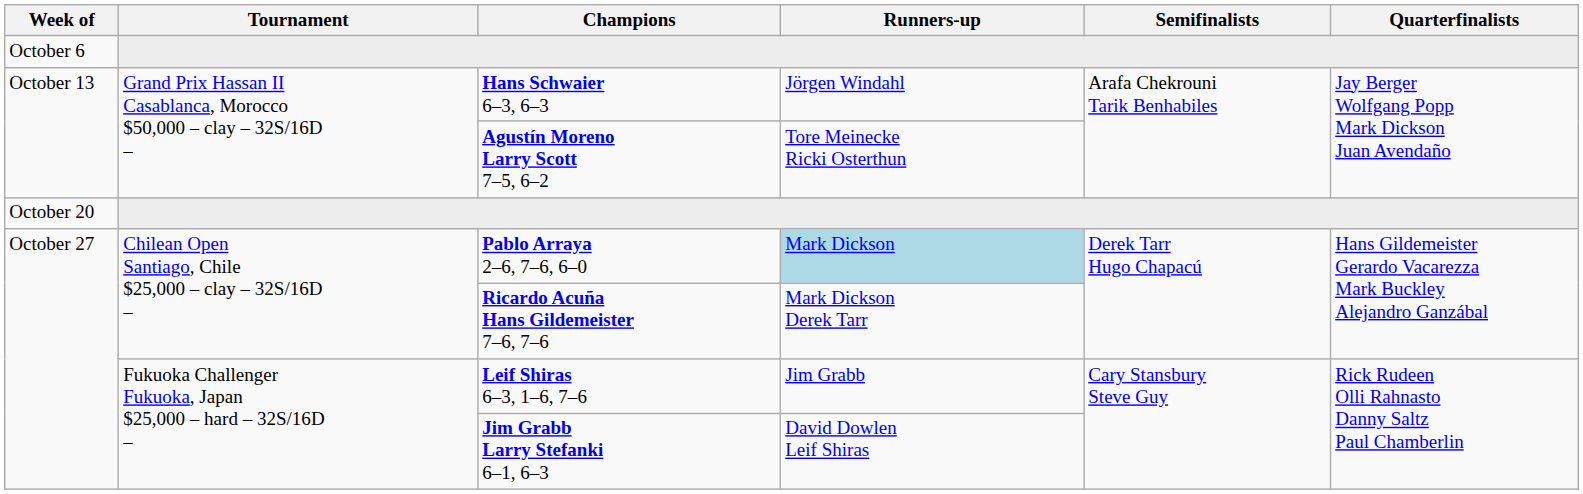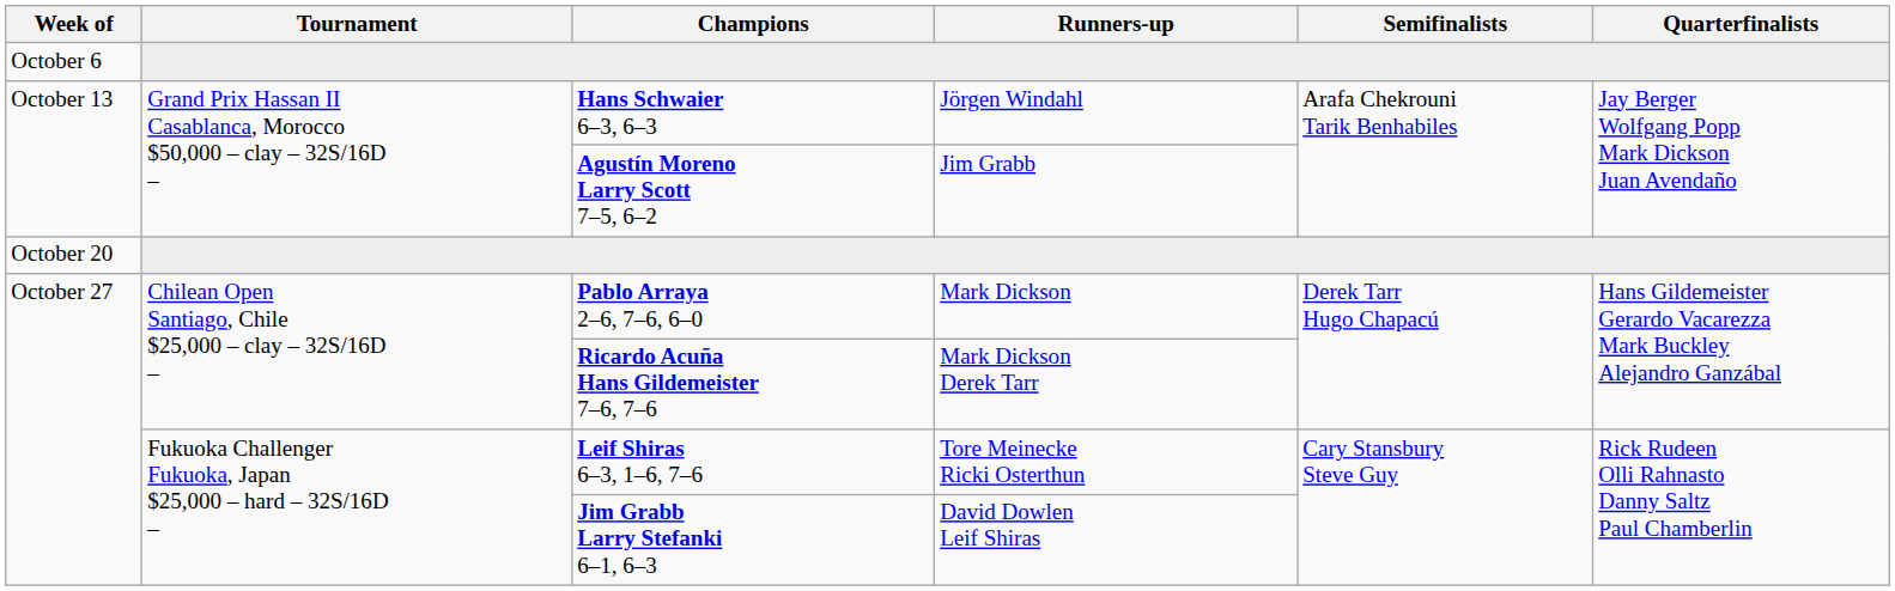 <table class="wikitable" style="font-size:85%;">
 <tr>
 <th width="75">Week of</th>
 <th width="250">Tournament</th>
 <th width="210">Champions</th>
 <th width="210">Runners-up</th>
 <th width="170">Semifinalists</th>
 <th width="170">Quarterfinalists</th>
 </tr>
 <tr valign="top">
 <td rowspan="1">October 6</td>
 <td colspan="5" bgcolor="#ededed"></td>
 </tr>
 <tr valign="top">
 <td rowspan="2">October 13</td>
 <td rowspan="2"><a href='#'>Grand Prix Hassan II</a><br><a href='#'>Casablanca</a>, Morocco<br>$50,000 – clay – 32S/16D<br>  – </td>
 <td> <strong><a href='#'>Hans Schwaier</a></strong> <br>6–3, 6–3</td>
 <td> <a href='#'>Jörgen Windahl</a></td>
 <td rowspan="2"> Arafa Chekrouni <br>  <a href='#'>Tarik Benhabiles</a></td>
 <td rowspan="2"> <a href='#'>Jay Berger</a> <br>  <a href='#'>Wolfgang Popp</a> <br> <a href='#'>Mark Dickson</a> <br>  <a href='#'>Juan Avendaño</a></td>
 </tr>
 <tr valign="top">
 <td> <strong><a href='#'>Agustín Moreno</a></strong> <br> <strong><a href='#'>Larry Scott</a></strong><br>7–5, 6–2</td>
-<td> <a href='#'>Tore Meinecke</a> <br> <a href='#'>Ricki Osterthun</a></td>
+<td> <a href='#'>Jim Grabb</a></td>
 </tr>
 <tr valign="top">
 <td rowspan="1">October 20</td>
 <td colspan="5" bgcolor="#ededed"></td>
 </tr>
 <tr valign="top">
 <td rowspan="4">October 27</td>
 <td rowspan="2"><a href='#'>Chilean Open</a><br><a href='#'>Santiago</a>, Chile<br>$25,000 – clay – 32S/16D<br>  – </td>
 <td> <strong><a href='#'>Pablo Arraya</a></strong> <br>2–6, 7–6, 6–0</td>
-<td style="background: lightblue;"> <a href='#'>Mark Dickson</a></td>
+<td> <a href='#'>Mark Dickson</a></td>
 <td rowspan="2"> <a href='#'>Derek Tarr</a> <br>  <a href='#'>Hugo Chapacú</a></td>
 <td rowspan="2"> <a href='#'>Hans Gildemeister</a> <br>  <a href='#'>Gerardo Vacarezza</a> <br> <a href='#'>Mark Buckley</a> <br>  <a href='#'>Alejandro Ganzábal</a></td>
 </tr>
 <tr valign="top">
 <td> <strong><a href='#'>Ricardo Acuña</a></strong> <br> <strong><a href='#'>Hans Gildemeister</a></strong><br>7–6, 7–6</td>
 <td> <a href='#'>Mark Dickson</a> <br> <a href='#'>Derek Tarr</a></td>
 </tr>
 <tr valign="top">
 <td rowspan="2">Fukuoka Challenger<br><a href='#'>Fukuoka</a>, Japan<br>$25,000 – hard – 32S/16D<br>  – </td>
 <td> <strong><a href='#'>Leif Shiras</a></strong> <br>6–3, 1–6, 7–6</td>
-<td> <a href='#'>Jim Grabb</a></td>
+<td> <a href='#'>Tore Meinecke</a> <br> <a href='#'>Ricki Osterthun</a></td>
 <td rowspan="2"> <a href='#'>Cary Stansbury</a> <br>  <a href='#'>Steve Guy</a></td>
 <td rowspan="2"> <a href='#'>Rick Rudeen</a> <br>  <a href='#'>Olli Rahnasto</a> <br> <a href='#'>Danny Saltz</a> <br>  <a href='#'>Paul Chamberlin</a></td>
 </tr>
 <tr valign="top">
 <td> <strong><a href='#'>Jim Grabb</a></strong> <br> <strong><a href='#'>Larry Stefanki</a></strong><br>6–1, 6–3</td>
 <td> <a href='#'>David Dowlen</a> <br> <a href='#'>Leif Shiras</a></td>
 </tr>
 </table>
